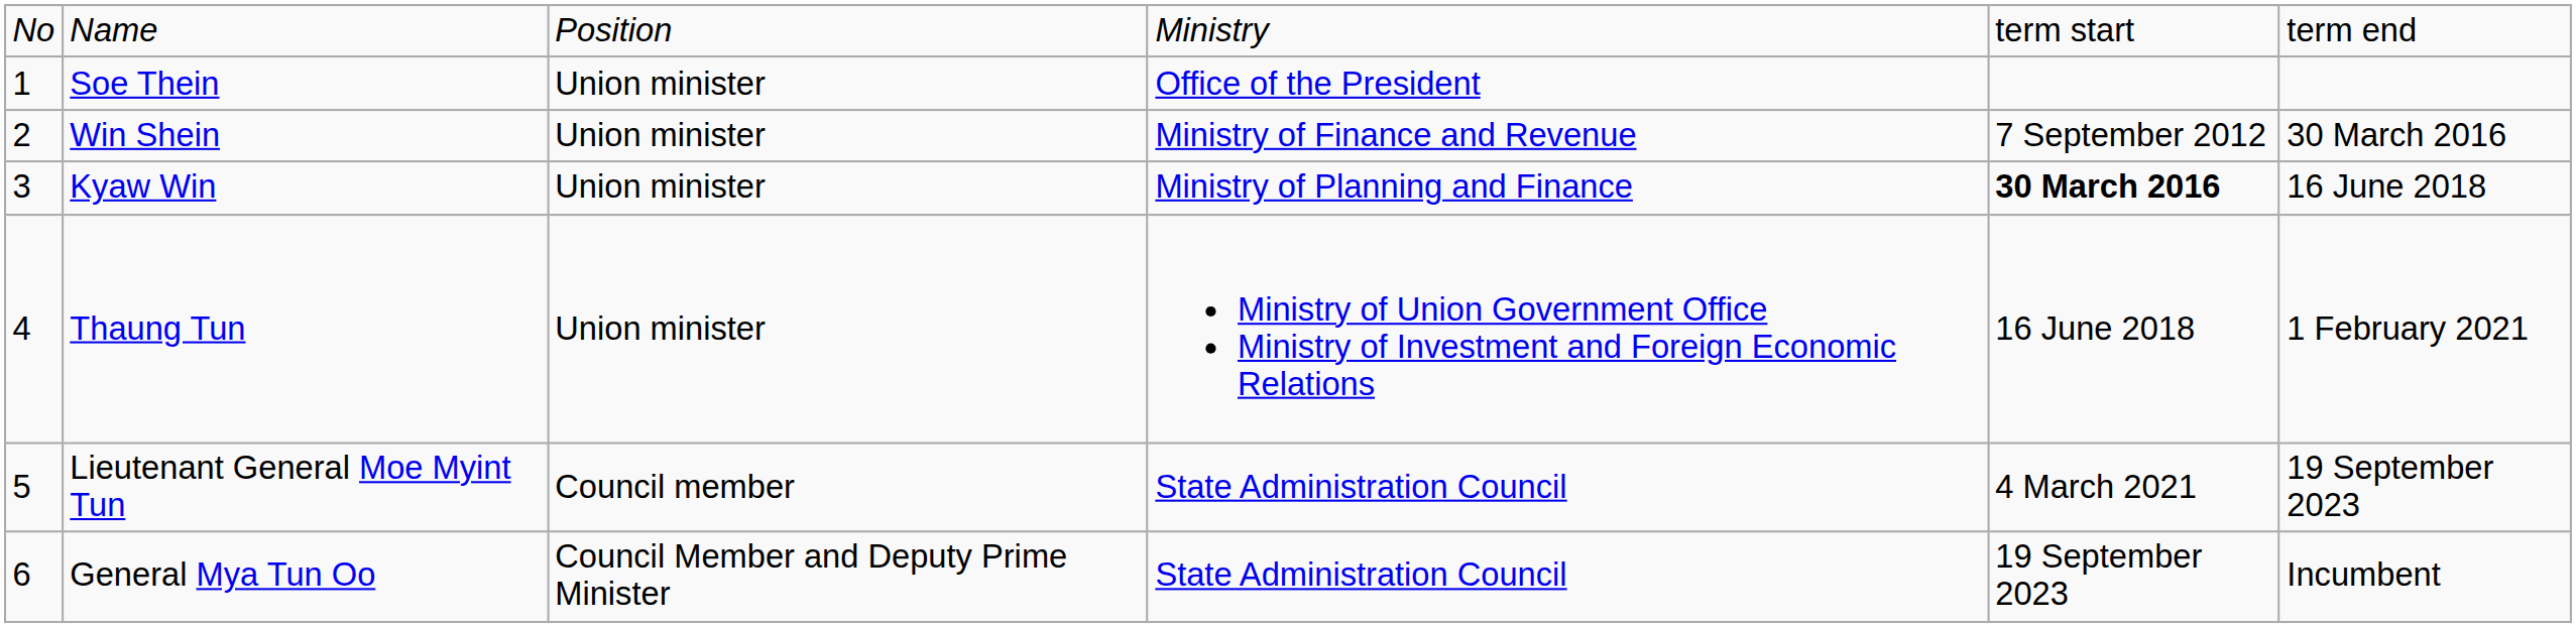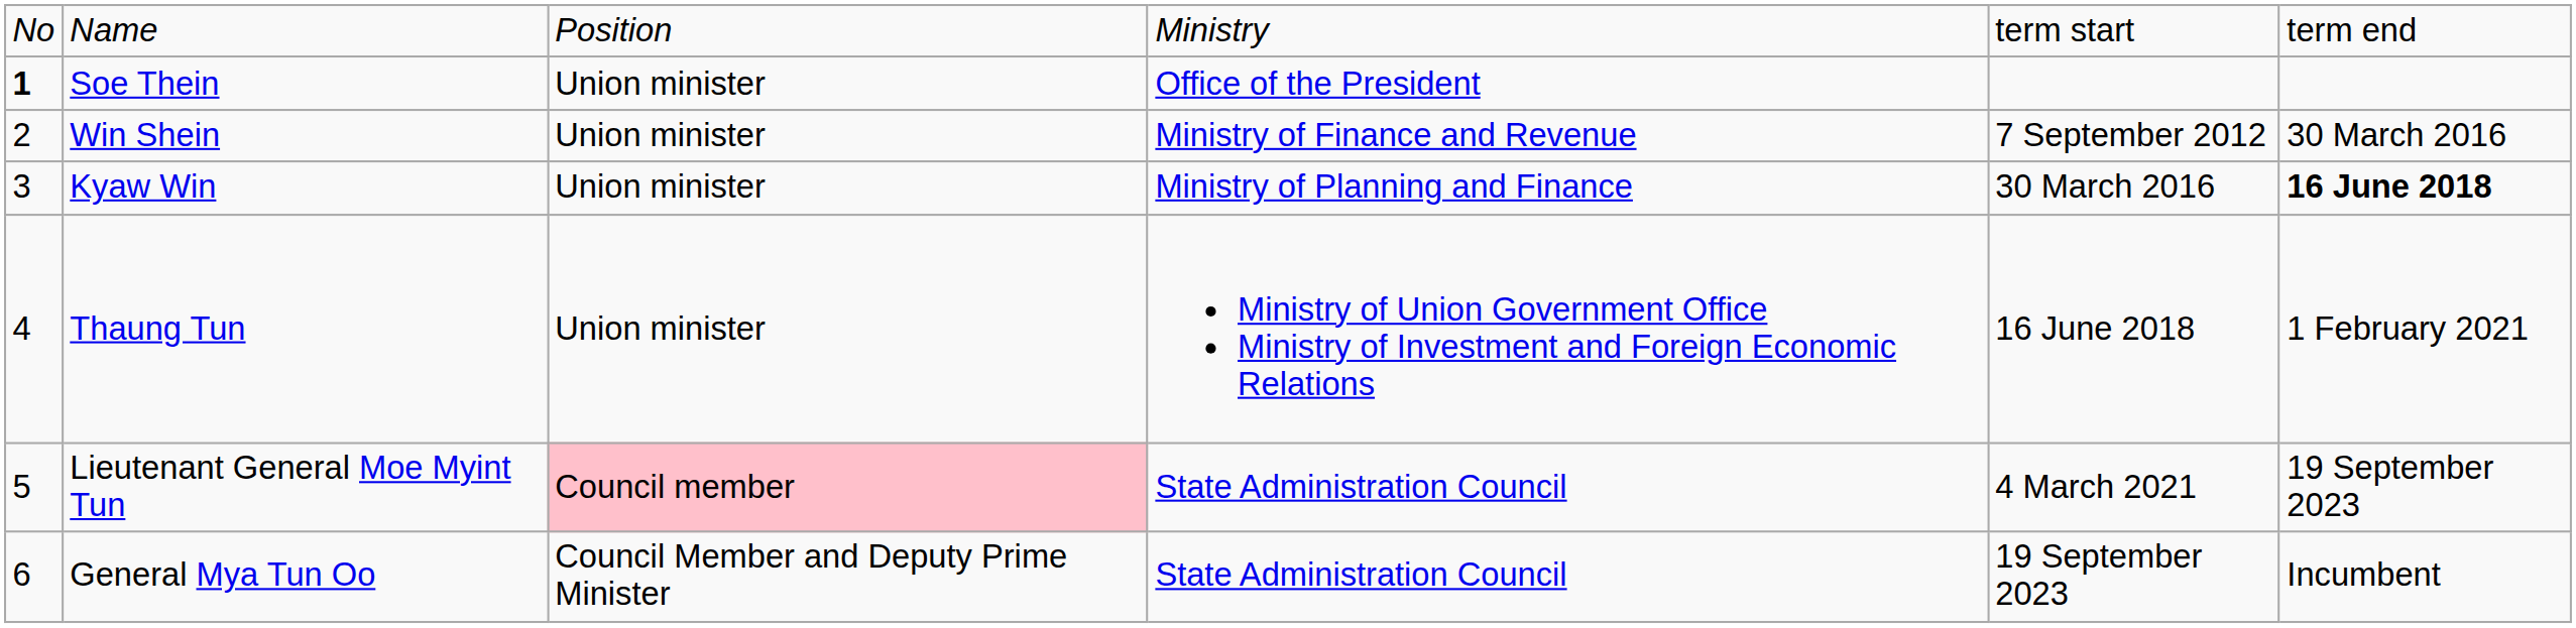 <table class="wikitable">
 <tr>
 <td><em>No</em></td>
 <td><em>Name</em></td>
 <td><em>Position</em></td>
 <td><em>Ministry</em></td>
 <td>term start</td>
 <td>term end</td>
 </tr>
 <tr>
-<td>1</td>
+<td><strong>1</strong></td>
 <td><a href='#'>Soe Thein</a></td>
 <td>Union minister</td>
 <td><a href='#'>Office of the President</a></td>
 <td></td>
 <td></td>
 </tr>
 <tr>
 <td>2</td>
 <td><a href='#'>Win Shein</a></td>
 <td>Union minister</td>
 <td><a href='#'>Ministry of Finance and Revenue</a></td>
 <td>7 September 2012</td>
 <td>30 March 2016</td>
 </tr>
 <tr>
 <td>3</td>
 <td><a href='#'>Kyaw Win</a></td>
 <td>Union minister</td>
 <td><a href='#'>Ministry of Planning and Finance</a></td>
-<td><strong>30 March 2016</strong></td>
-<td>16 June 2018</td>
+<td>30 March 2016</td>
+<td><strong>16 June 2018</strong></td>
 </tr>
 <tr>
 <td>4</td>
 <td><a href='#'>Thaung Tun</a></td>
 <td>Union minister</td>
 <td><br><ul><li><a href='#'>Ministry of Union Government Office</a></li><li><a href='#'>Ministry of Investment and Foreign Economic Relations</a></li></ul></td>
 <td>16 June 2018</td>
 <td>1 February 2021</td>
 </tr>
 <tr>
 <td>5</td>
 <td>Lieutenant General <a href='#'>Moe Myint Tun</a></td>
-<td>Council member</td>
+<td style="background: pink;">Council member</td>
 <td><a href='#'>State Administration Council</a></td>
 <td>4 March 2021</td>
 <td>19 September 2023</td>
 </tr>
 <tr>
 <td>6</td>
 <td>General <a href='#'>Mya Tun Oo</a></td>
 <td>Council Member and Deputy Prime Minister</td>
 <td><a href='#'>State Administration Council</a></td>
 <td>19 September 2023</td>
 <td>Incumbent</td>
 </tr>
 </table>
